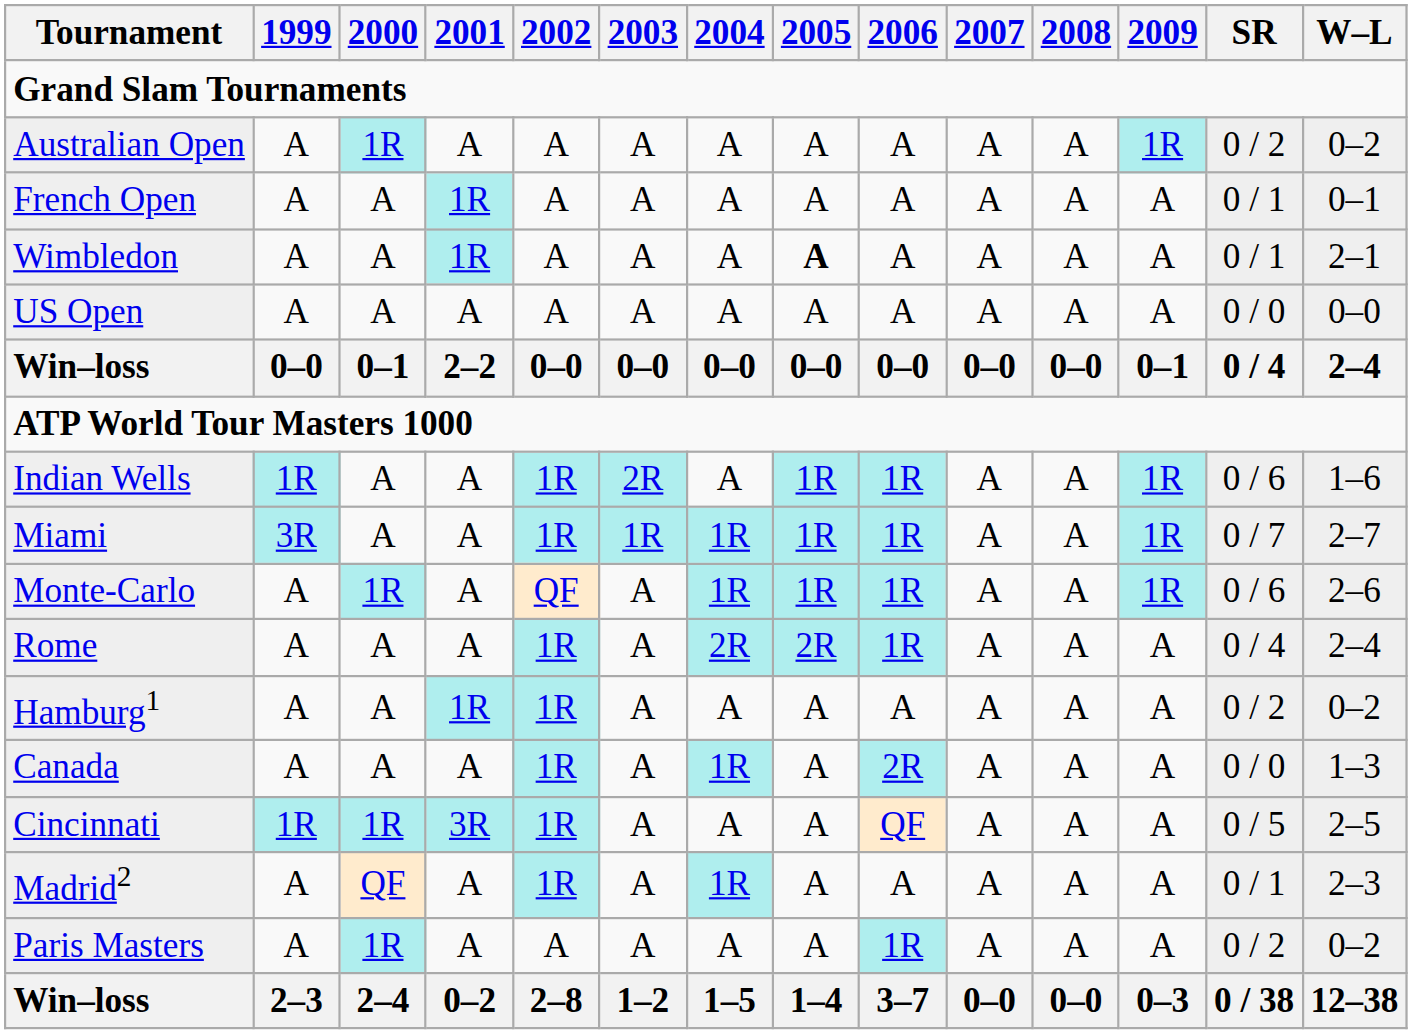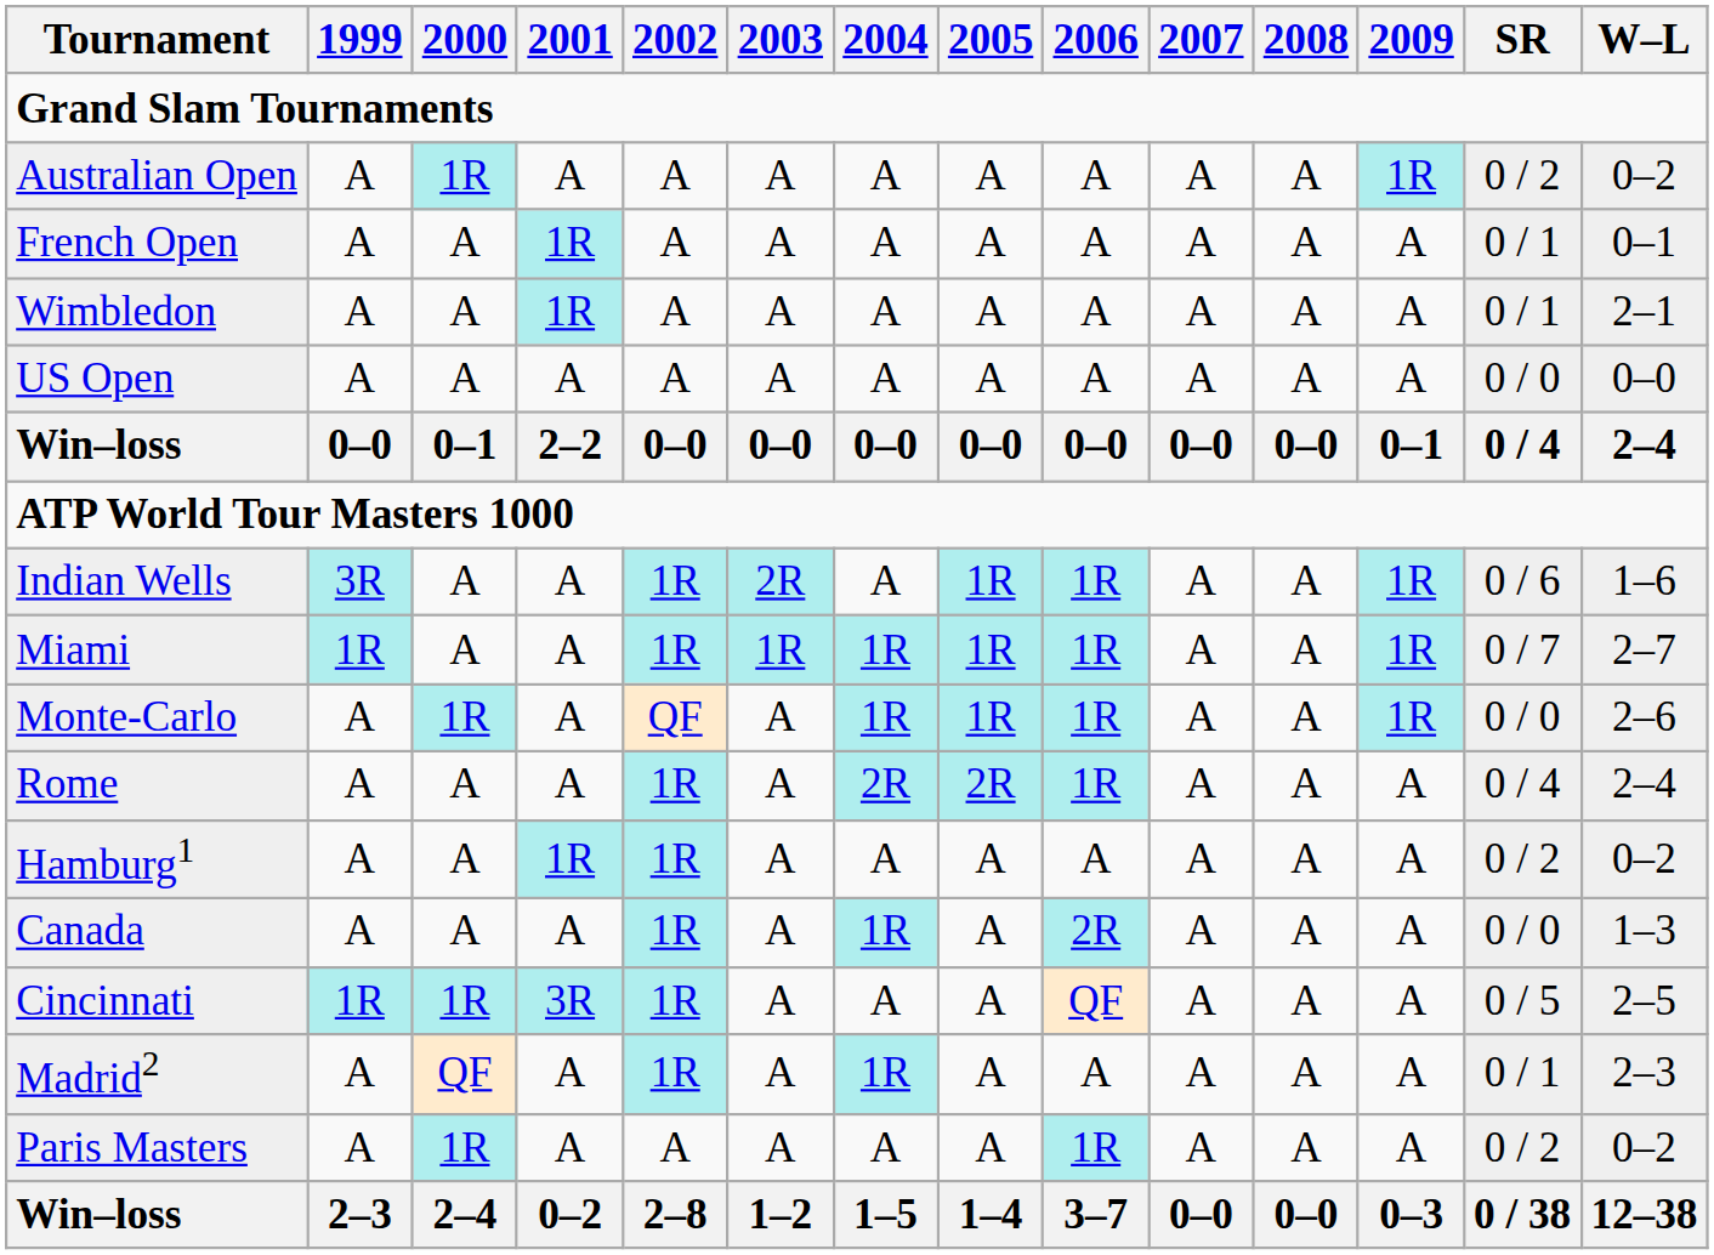 <table class="wikitable" style="text-align:center;">
 <tr>
 <th>Tournament</th>
 <th><a href='#'>1999</a></th>
 <th><a href='#'>2000</a></th>
 <th><a href='#'>2001</a></th>
 <th><a href='#'>2002</a></th>
 <th><a href='#'>2003</a></th>
 <th><a href='#'>2004</a></th>
 <th><a href='#'>2005</a></th>
 <th><a href='#'>2006</a></th>
 <th><a href='#'>2007</a></th>
 <th><a href='#'>2008</a></th>
 <th><a href='#'>2009</a></th>
 <th>SR</th>
 <th>W–L</th>
 </tr>
 <tr>
 <td colspan="15" style="text-align:left;"><strong>Grand Slam Tournaments</strong></td>
 </tr>
 <tr>
 <td style="background:#efefef; text-align:left;"><a href='#'>Australian Open</a></td>
 <td>A</td>
 <td bgcolor="afeeee"><a href='#'>1R</a></td>
 <td>A</td>
 <td>A</td>
 <td>A</td>
 <td>A</td>
 <td>A</td>
 <td>A</td>
 <td>A</td>
 <td>A</td>
 <td bgcolor="afeeee"><a href='#'>1R</a></td>
 <td style="background:#efefef;">0 / 2</td>
 <td style="background:#efefef;">0–2</td>
 </tr>
 <tr>
 <td style="background:#efefef; text-align:left;"><a href='#'>French Open</a></td>
 <td>A</td>
 <td>A</td>
 <td bgcolor="afeeee"><a href='#'>1R</a></td>
 <td>A</td>
 <td>A</td>
 <td>A</td>
 <td>A</td>
 <td>A</td>
 <td>A</td>
 <td>A</td>
 <td>A</td>
 <td style="background:#efefef;">0 / 1</td>
 <td style="background:#efefef;">0–1</td>
 </tr>
 <tr>
 <td style="background:#efefef; text-align:left;"><a href='#'>Wimbledon</a></td>
 <td>A</td>
 <td>A</td>
 <td bgcolor="afeeee"><a href='#'>1R</a></td>
 <td>A</td>
 <td>A</td>
 <td>A</td>
-<td><strong>A</strong></td>
+<td>A</td>
 <td>A</td>
 <td>A</td>
 <td>A</td>
 <td>A</td>
 <td style="background:#efefef;">0 / 1</td>
 <td style="background:#efefef;">2–1</td>
 </tr>
 <tr>
 <td style="background:#efefef; text-align:left;"><a href='#'>US Open</a></td>
 <td>A</td>
 <td>A</td>
 <td>A</td>
 <td>A</td>
 <td>A</td>
 <td>A</td>
 <td>A</td>
 <td>A</td>
 <td>A</td>
 <td>A</td>
 <td>A</td>
 <td style="background:#efefef;">0 / 0</td>
 <td style="background:#efefef;">0–0</td>
 </tr>
 <tr>
 <th style="text-align:left">Win–loss</th>
 <th>0–0</th>
 <th>0–1</th>
 <th>2–2</th>
 <th>0–0</th>
 <th>0–0</th>
 <th>0–0</th>
 <th>0–0</th>
 <th>0–0</th>
 <th>0–0</th>
 <th>0–0</th>
 <th>0–1</th>
 <th>0 / 4</th>
 <th>2–4</th>
 </tr>
 <tr>
 <td colspan="15" style="text-align:left;"><strong>ATP World Tour Masters 1000</strong></td>
 </tr>
 <tr>
 <td style="background:#efefef; text-align:left;"><a href='#'>Indian Wells</a></td>
-<td bgcolor="afeeee"><a href='#'>1R</a></td>
+<td bgcolor="afeeee"><a href='#'>3R</a></td>
 <td>A</td>
 <td>A</td>
 <td bgcolor="afeeee"><a href='#'>1R</a></td>
 <td bgcolor="afeeee"><a href='#'>2R</a></td>
 <td>A</td>
 <td bgcolor="afeeee"><a href='#'>1R</a></td>
 <td bgcolor="afeeee"><a href='#'>1R</a></td>
 <td>A</td>
 <td>A</td>
 <td bgcolor="afeeee"><a href='#'>1R</a></td>
 <td style="background:#efefef;">0 / 6</td>
 <td style="background:#efefef;">1–6</td>
 </tr>
 <tr>
 <td style="background:#efefef; text-align:left;"><a href='#'>Miami</a></td>
-<td bgcolor="afeeee"><a href='#'>3R</a></td>
+<td bgcolor="afeeee"><a href='#'>1R</a></td>
 <td>A</td>
 <td>A</td>
 <td bgcolor="afeeee"><a href='#'>1R</a></td>
 <td bgcolor="afeeee"><a href='#'>1R</a></td>
 <td bgcolor="afeeee"><a href='#'>1R</a></td>
 <td bgcolor="afeeee"><a href='#'>1R</a></td>
 <td bgcolor="afeeee"><a href='#'>1R</a></td>
 <td>A</td>
 <td>A</td>
 <td bgcolor="afeeee"><a href='#'>1R</a></td>
 <td style="background:#efefef;">0 / 7</td>
 <td style="background:#efefef;">2–7</td>
 </tr>
 <tr>
 <td style="background:#efefef; text-align:left;"><a href='#'>Monte-Carlo</a></td>
 <td>A</td>
 <td bgcolor="afeeee"><a href='#'>1R</a></td>
 <td>A</td>
 <td bgcolor="ffebcd"><a href='#'>QF</a></td>
 <td>A</td>
 <td bgcolor="afeeee"><a href='#'>1R</a></td>
 <td bgcolor="afeeee"><a href='#'>1R</a></td>
 <td bgcolor="afeeee"><a href='#'>1R</a></td>
 <td>A</td>
 <td>A</td>
 <td bgcolor="afeeee"><a href='#'>1R</a></td>
-<td style="background:#efefef;">0 / 6</td>
+<td style="background:#efefef;">0 / 0</td>
 <td style="background:#efefef;">2–6</td>
 </tr>
 <tr>
 <td style="background:#efefef; text-align:left;"><a href='#'>Rome</a></td>
 <td>A</td>
 <td>A</td>
 <td>A</td>
 <td bgcolor="afeeee"><a href='#'>1R</a></td>
 <td>A</td>
 <td bgcolor="afeeee"><a href='#'>2R</a></td>
 <td bgcolor="afeeee"><a href='#'>2R</a></td>
 <td bgcolor="afeeee"><a href='#'>1R</a></td>
 <td>A</td>
 <td>A</td>
 <td>A</td>
 <td style="background:#efefef;">0 / 4</td>
 <td style="background:#efefef;">2–4</td>
 </tr>
 <tr>
 <td style="background:#efefef; text-align:left;"><a href='#'>Hamburg</a><sup>1</sup></td>
 <td>A</td>
 <td>A</td>
 <td bgcolor="afeeee"><a href='#'>1R</a></td>
 <td bgcolor="afeeee"><a href='#'>1R</a></td>
 <td>A</td>
 <td>A</td>
 <td>A</td>
 <td>A</td>
 <td>A</td>
 <td>A</td>
 <td>A</td>
 <td style="background:#efefef;">0 / 2</td>
 <td style="background:#efefef;">0–2</td>
 </tr>
 <tr>
 <td style="background:#efefef; text-align:left;"><a href='#'>Canada</a></td>
 <td>A</td>
 <td>A</td>
 <td>A</td>
 <td bgcolor="afeeee"><a href='#'>1R</a></td>
 <td>A</td>
 <td bgcolor="afeeee"><a href='#'>1R</a></td>
 <td>A</td>
 <td bgcolor="afeeee"><a href='#'>2R</a></td>
 <td>A</td>
 <td>A</td>
 <td>A</td>
 <td style="background:#efefef;">0 / 0</td>
 <td style="background:#efefef;">1–3</td>
 </tr>
 <tr>
 <td style="background:#efefef; text-align:left;"><a href='#'>Cincinnati</a></td>
 <td bgcolor="afeeee"><a href='#'>1R</a></td>
 <td bgcolor="afeeee"><a href='#'>1R</a></td>
 <td bgcolor="afeeee"><a href='#'>3R</a></td>
 <td bgcolor="afeeee"><a href='#'>1R</a></td>
 <td>A</td>
 <td>A</td>
 <td>A</td>
 <td bgcolor="ffebcd"><a href='#'>QF</a></td>
 <td>A</td>
 <td>A</td>
 <td>A</td>
 <td style="background:#efefef;">0 / 5</td>
 <td style="background:#efefef;">2–5</td>
 </tr>
 <tr>
 <td style="background:#efefef; text-align:left;"><a href='#'>Madrid</a><sup>2</sup></td>
 <td>A</td>
 <td bgcolor="ffebcd"><a href='#'>QF</a></td>
 <td>A</td>
 <td bgcolor="afeeee"><a href='#'>1R</a></td>
 <td>A</td>
 <td bgcolor="afeeee"><a href='#'>1R</a></td>
 <td>A</td>
 <td>A</td>
 <td>A</td>
 <td>A</td>
 <td>A</td>
 <td style="background:#efefef;">0 / 1</td>
 <td style="background:#efefef;">2–3</td>
 </tr>
 <tr>
 <td style="background:#efefef; text-align:left;"><a href='#'>Paris Masters</a></td>
 <td>A</td>
 <td bgcolor="afeeee"><a href='#'>1R</a></td>
 <td>A</td>
 <td>A</td>
 <td>A</td>
 <td>A</td>
 <td>A</td>
 <td bgcolor="afeeee"><a href='#'>1R</a></td>
 <td>A</td>
 <td>A</td>
 <td>A</td>
 <td style="background:#efefef;">0 / 2</td>
 <td style="background:#efefef;">0–2</td>
 </tr>
 <tr>
 <th style="text-align:left">Win–loss</th>
 <th>2–3</th>
 <th>2–4</th>
 <th>0–2</th>
 <th>2–8</th>
 <th>1–2</th>
 <th>1–5</th>
 <th>1–4</th>
 <th>3–7</th>
 <th>0–0</th>
 <th>0–0</th>
 <th>0–3</th>
 <th>0 / 38</th>
 <th>12–38</th>
 </tr>
 </table>
